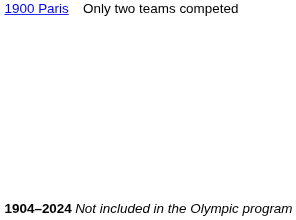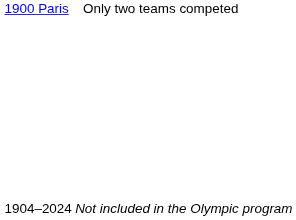 <table>
 <tr valign="top">
 <td><a href='#'>1900 Paris</a></td>
 <td valign=top><br><br><br> <br> <br> <br> <br> <br> <br> <br> <br> <br> <br> </td>
 <td valign=top><br><br><br> <br> <br> <br> <br> <br> <br> <br> <br> <br> <br> </td>
 <td valign=top>Only two teams competed</td>
 </tr>
 <tr>
-<td><strong>1904–2024</strong></td>
+<td>1904–2024</td>
 <td colspan="3" style="text-align:center;"><em>Not included in the Olympic program</em></td>
 </tr>
 </table>
